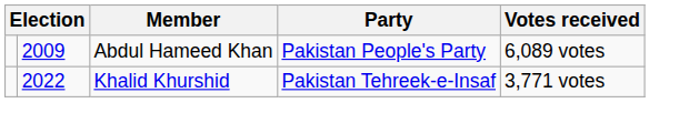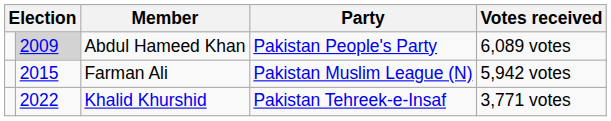 <table class="wikitable">
 <tr>
 <th colspan="2">Election</th>
 <th>Member</th>
 <th>Party</th>
 <th>Votes received</th>
 </tr>
 <tr>
 <td style="background-color: "></td>
-<td><a href='#'>2009</a></td>
+<td style="background: lightgrey;"><a href='#'>2009</a></td>
 <td>Abdul Hameed Khan</td>
 <td><a href='#'>Pakistan People's Party</a></td>
 <td>6,089 votes</td>
+</tr>
+<tr>
+<td style="background-color: "></td>
+<td><a href='#'>2015</a></td>
+<td>Farman Ali</td>
+<td><a href='#'>Pakistan Muslim League (N)</a></td>
+<td>5,942 votes</td>
 </tr>
 <tr>
 <td style="background-color: "></td>
 <td><a href='#'>2022</a></td>
 <td><a href='#'>Khalid Khurshid</a></td>
 <td><a href='#'>Pakistan Tehreek-e-Insaf</a></td>
 <td>3,771 votes</td>
 </tr>
 </table>
